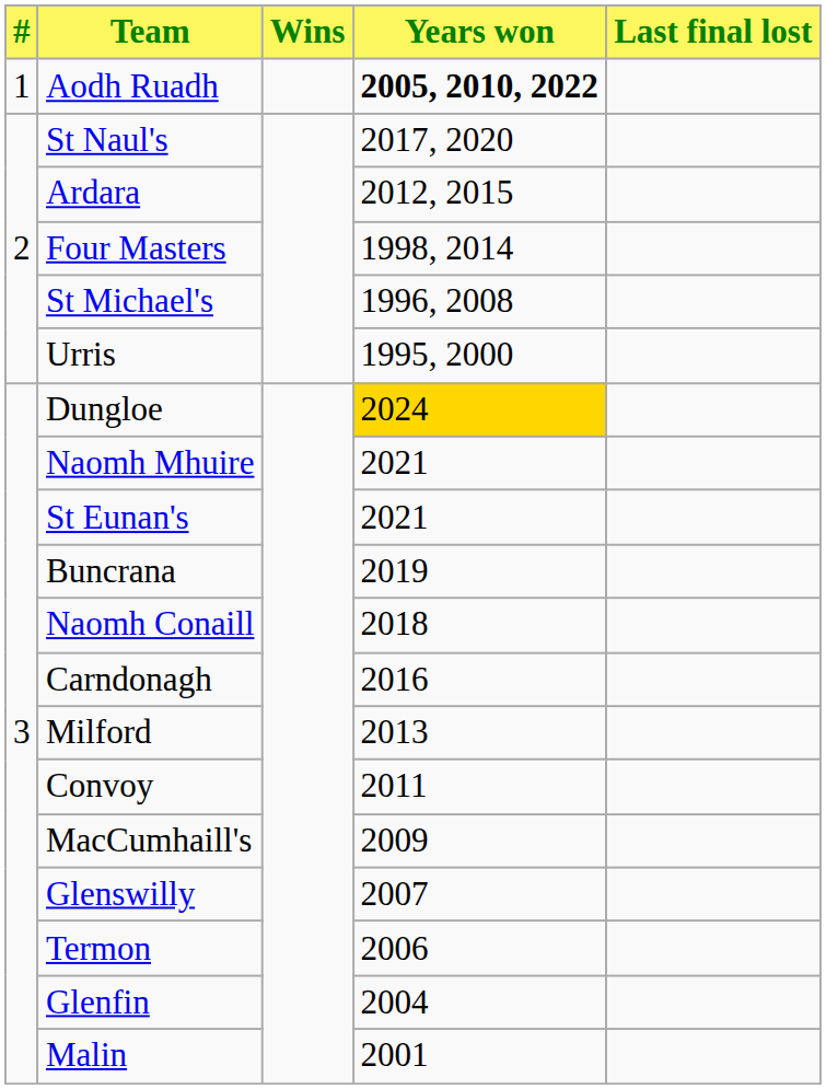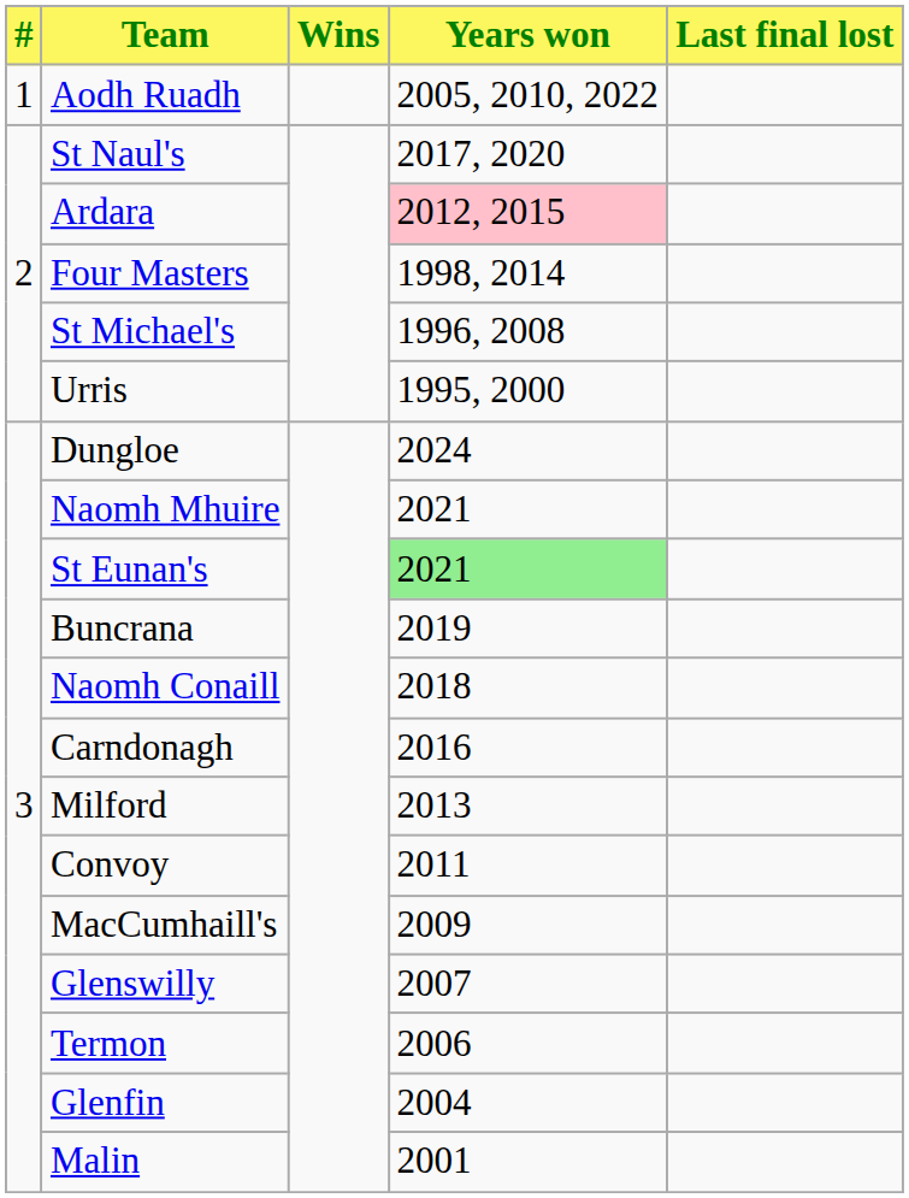 <table class="wikitable">
 <tr>
 <th style="background:#FCF75E;color:green;">#</th>
 <th style="background:#FCF75E;color:green;">Team</th>
 <th style="background:#FCF75E;color:green;">Wins</th>
 <th style="background:#FCF75E;color:green;">Years won</th>
 <th style="background:#FCF75E;color:green;">Last final lost</th>
 </tr>
 <tr>
 <td>1</td>
 <td><a href='#'>Aodh Ruadh</a></td>
 <td></td>
-<td><strong>2005, 2010, 2022</strong></td>
+<td>2005, 2010, 2022</td>
 <td></td>
 </tr>
 <tr>
 <td rowspan = 5>2</td>
 <td><a href='#'>St Naul's</a></td>
 <td rowspan = 5></td>
 <td>2017, 2020</td>
 <td></td>
 </tr>
 <tr>
 <td><a href='#'>Ardara</a></td>
-<td>2012, 2015</td>
+<td style="background: pink;">2012, 2015</td>
 <td></td>
 </tr>
 <tr>
 <td><a href='#'>Four Masters</a></td>
 <td>1998, 2014</td>
 <td></td>
 </tr>
 <tr>
 <td><a href='#'>St Michael's</a></td>
 <td>1996, 2008</td>
 <td></td>
 </tr>
 <tr>
 <td>Urris</td>
 <td>1995, 2000</td>
 <td></td>
 </tr>
 <tr>
 <td rowspan = 13>3</td>
 <td>Dungloe</td>
 <td rowspan = 13></td>
-<td style="background: gold;">2024</td>
+<td>2024</td>
 <td></td>
 </tr>
 <tr>
 <td><a href='#'>Naomh Mhuire</a></td>
 <td>2021</td>
 <td></td>
 </tr>
 <tr>
 <td><a href='#'>St Eunan's</a></td>
-<td>2021</td>
+<td style="background: lightgreen;">2021</td>
 <td></td>
 </tr>
 <tr>
 <td>Buncrana</td>
 <td>2019</td>
 <td></td>
 </tr>
 <tr>
 <td><a href='#'>Naomh Conaill</a></td>
 <td>2018</td>
 <td></td>
 </tr>
 <tr>
 <td>Carndonagh</td>
 <td>2016</td>
 <td></td>
 </tr>
 <tr>
 <td>Milford</td>
 <td>2013</td>
 <td></td>
 </tr>
 <tr>
 <td>Convoy</td>
 <td>2011</td>
 <td></td>
 </tr>
 <tr>
 <td>MacCumhaill's</td>
 <td>2009</td>
 <td></td>
 </tr>
 <tr>
 <td><a href='#'>Glenswilly</a></td>
 <td>2007</td>
 <td></td>
 </tr>
 <tr>
 <td><a href='#'>Termon</a></td>
 <td>2006</td>
 <td></td>
 </tr>
 <tr>
 <td><a href='#'>Glenfin</a></td>
 <td>2004</td>
 <td></td>
 </tr>
 <tr>
 <td><a href='#'>Malin</a></td>
 <td>2001</td>
 <td></td>
 </tr>
 <tr>
 </tr>
 </table>
